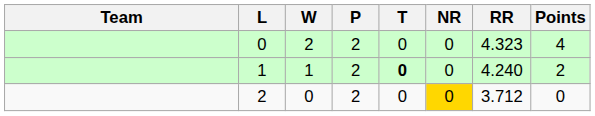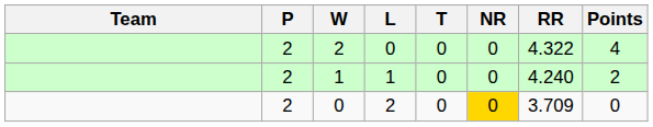 <table class="wikitable" style="text-align: center;">
 <tr>
 <th style="width:40%;">Team</th>
+<th style="width:8%;">P</th>
+<th style="width:8%;">W</th>
 <th style="width:8%;">L</th>
-<th style="width:8%;">W</th>
-<th style="width:8%;">P</th>
 <th style="width:8%;">T</th>
 <th style="width:8%;">NR</th>
 <th style="width:10%;">RR</th>
 <th style="width:10%;">Points</th>
 </tr>
 <tr style="background:#cfc;">
 <td align=left></td>
-<td>0</td>
 <td>2</td>
 <td>2</td>
 <td>0</td>
 <td>0</td>
-<td>4.323</td>
+<td>0</td>
+<td>4.322</td>
 <td>4</td>
 </tr>
 <tr style="background:#cfc;">
 <td align=left></td>
+<td>2</td>
 <td>1</td>
 <td>1</td>
-<td>2</td>
-<td><strong>0</strong></td>
+<td>0</td>
 <td>0</td>
 <td>4.240</td>
 <td>2</td>
 </tr>
 <tr>
 <td align=left></td>
 <td>2</td>
 <td>0</td>
 <td>2</td>
 <td>0</td>
 <td style="background: gold;">0</td>
-<td>3.712</td>
+<td>3.709</td>
 <td>0</td>
 </tr>
 </table>
